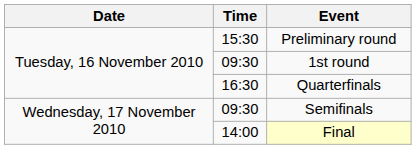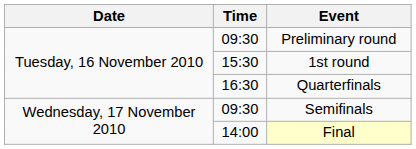 <table class = "wikitable" style="text-align:center;">
 <tr>
 <th width=220>Date</th>
 <th width=50>Time</th>
 <th width=150>Event</th>
 </tr>
 <tr>
 <td rowspan=3>Tuesday, 16 November 2010</td>
-<td>15:30</td>
+<td>09:30</td>
 <td>Preliminary round</td>
 </tr>
 <tr>
-<td>09:30</td>
+<td>15:30</td>
 <td>1st round</td>
 </tr>
 <tr>
 <td>16:30</td>
 <td>Quarterfinals</td>
 </tr>
 <tr>
 <td rowspan=2>Wednesday, 17 November 2010</td>
 <td>09:30</td>
 <td>Semifinals</td>
 </tr>
 <tr>
 <td>14:00</td>
 <td bgcolor=ffffcc>Final</td>
 </tr>
 </table>
